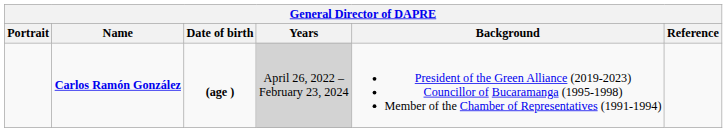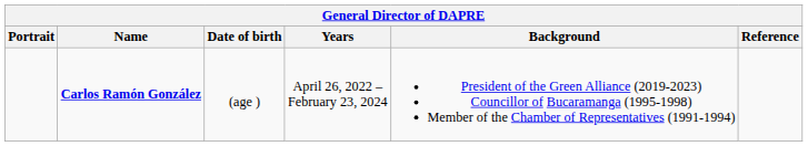 <table class="wikitable collapsible" style="text-align:center;">
 <tr>
 <th colspan="6"><a href='#'>General Director of DAPRE</a></th>
 </tr>
 <tr>
 <th>Portrait</th>
 <th>Name</th>
 <th>Date of birth</th>
 <th>Years</th>
 <th>Background</th>
 <th>Reference</th>
 </tr>
 <tr>
 <td></td>
 <td><strong><a href='#'>Carlos Ramón González</a></strong></td>
-<td><strong><br>(age )</strong></td>
-<td nowrap style="background: lightgrey;">April 26, 2022 –<br>February 23, 2024</td>
+<td><br>(age )</td>
+<td nowrap>April 26, 2022 –<br>February 23, 2024</td>
 <td><br><ul><li><a href='#'>President of the Green Alliance</a> (2019-2023)</li><li><a href='#'>Councillor of</a> <a href='#'>Bucaramanga</a> (1995-1998)</li><li>Member of the <a href='#'>Chamber of Representatives</a> (1991-1994)</li></ul></td>
 <td></td>
 </tr>
 </table>
